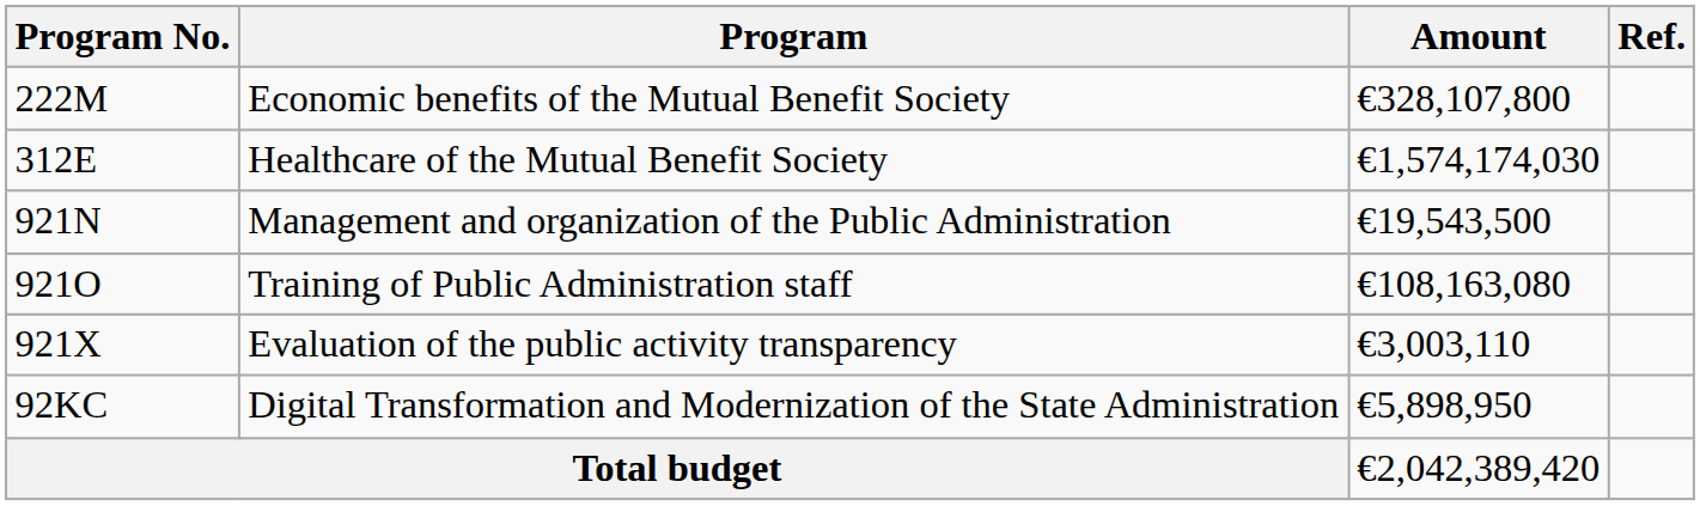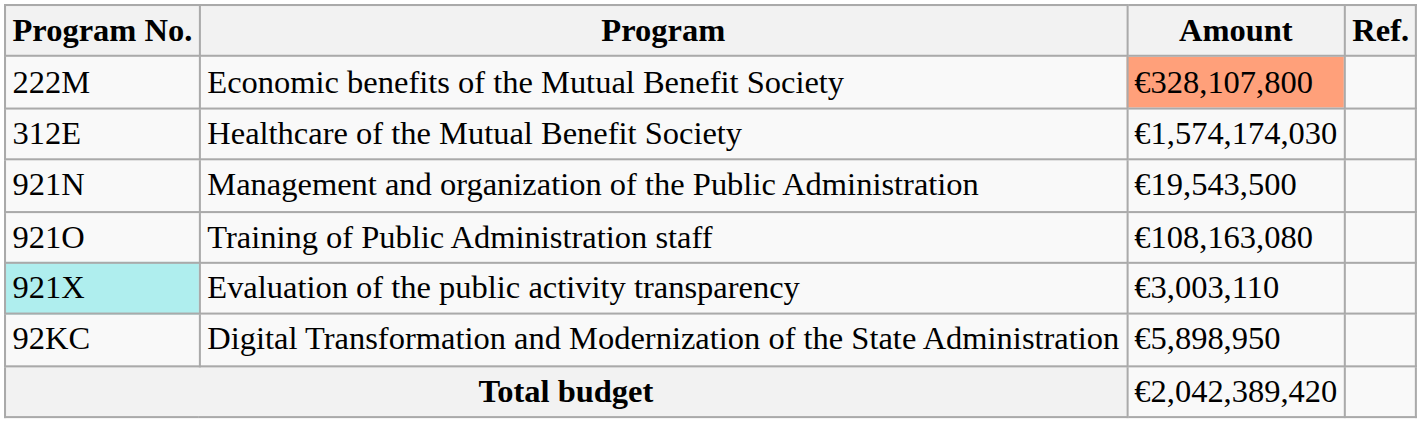 <table class="wikitable">
 <tr>
 <th>Program No.</th>
 <th>Program</th>
 <th>Amount</th>
 <th>Ref.</th>
 </tr>
 <tr>
 <td>222M</td>
 <td>Economic benefits of the Mutual Benefit Society<br></td>
-<td>€328,107,800</td>
+<td style="background: lightsalmon;">€328,107,800</td>
 <td></td>
 </tr>
 <tr>
 <td>312E</td>
 <td>Healthcare of the Mutual Benefit Society<br></td>
 <td>€1,574,174,030</td>
 <td></td>
 </tr>
 <tr>
 <td>921N</td>
 <td>Management and organization of the Public Administration</td>
 <td>€19,543,500</td>
 <td></td>
 </tr>
 <tr>
 <td>921O</td>
 <td>Training of Public Administration staff<br></td>
 <td>€108,163,080</td>
 <td></td>
 </tr>
 <tr>
-<td>921X</td>
+<td style="background: paleturquoise;">921X</td>
 <td>Evaluation of the public activity transparency<br></td>
 <td>€3,003,110</td>
 <td></td>
 </tr>
 <tr>
 <td>92KC</td>
 <td>Digital Transformation and Modernization of the State Administration</td>
 <td>€5,898,950</td>
 <td></td>
 </tr>
 <tr>
 <th colspan="2">Total budget</th>
 <td>€2,042,389,420</td>
 </tr>
 </table>
